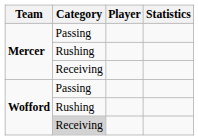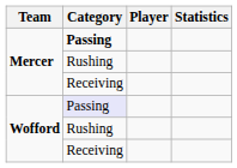 <table class="wikitable" style="float: right;">
 <tr>
 <th>Team</th>
 <th>Category</th>
 <th>Player</th>
 <th>Statistics</th>
 </tr>
 <tr>
 <td rowspan=3><strong>Mercer</strong></td>
-<td>Passing</td>
+<td><strong>Passing</strong></td>
 <td></td>
 <td></td>
 </tr>
 <tr>
 <td>Rushing</td>
 <td></td>
 <td></td>
 </tr>
 <tr>
 <td>Receiving</td>
 <td></td>
 <td></td>
 </tr>
 <tr>
 <td rowspan=3><strong>Wofford</strong></td>
-<td>Passing</td>
+<td style="background: lavender;">Passing</td>
 <td></td>
 <td></td>
 </tr>
 <tr>
 <td>Rushing</td>
 <td></td>
 <td></td>
 </tr>
 <tr>
-<td style="background: lightgrey;">Receiving</td>
+<td>Receiving</td>
 <td></td>
 <td></td>
 </tr>
 </table>
